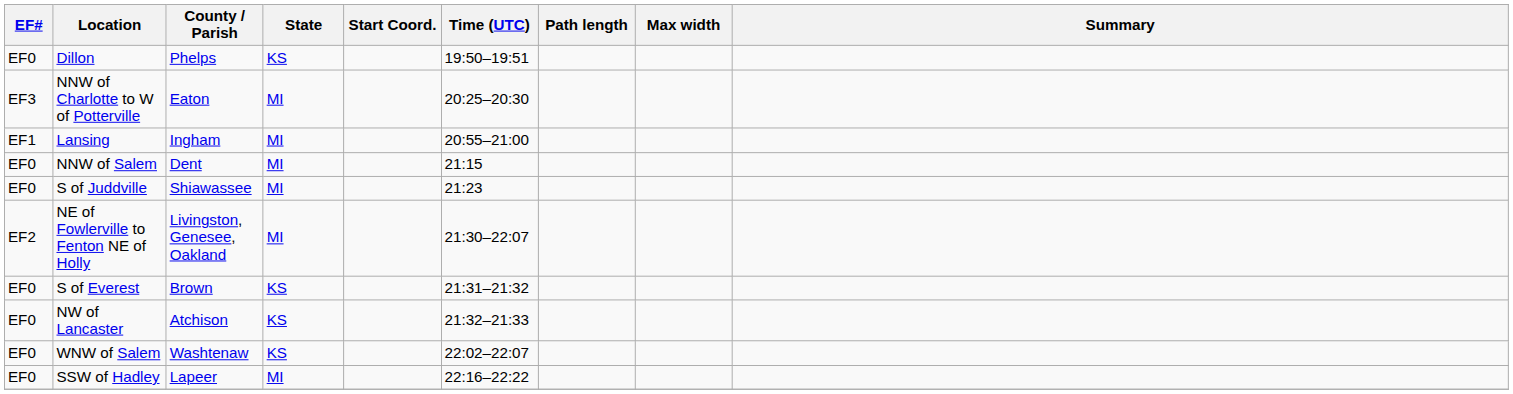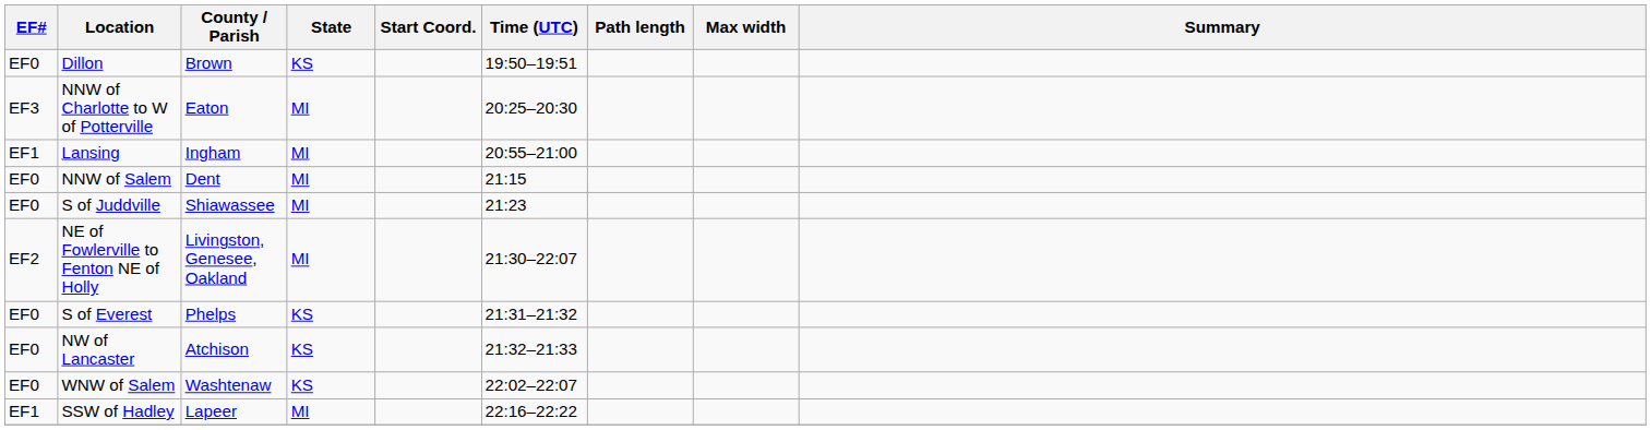 <table class="wikitable sortable" style="width:100%;">
 <tr>
 <th scope="col"  style="width:3%; text-align:center;"><a href='#'>EF#</a></th>
 <th scope="col"  style="width:7%; text-align:center;" class="unsortable">Location</th>
 <th scope="col"  style="width:6%; text-align:center;" class="unsortable">County / Parish</th>
 <th scope="col"  style="width:5%; text-align:center;">State</th>
 <th scope="col"  style="width:6%; text-align:center;">Start Coord.</th>
 <th scope="col"  style="width:6%; text-align:center;">Time (<a href='#'>UTC</a>)</th>
 <th scope="col"  style="width:6%; text-align:center;">Path length</th>
 <th scope="col"  style="width:6%; text-align:center;">Max width</th>
 <th scope="col" class="unsortable" style="width:48%; text-align:center;">Summary</th>
 </tr>
 <tr>
 <td>EF0</td>
 <td><a href='#'>Dillon</a></td>
-<td><a href='#'>Phelps</a></td>
+<td><a href='#'>Brown</a></td>
 <td><a href='#'>KS</a></td>
 <td></td>
 <td>19:50–19:51</td>
 <td></td>
 <td></td>
 <td></td>
 </tr>
 <tr>
 <td>EF3</td>
 <td>NNW of <a href='#'>Charlotte</a> to W of <a href='#'>Potterville</a></td>
 <td><a href='#'>Eaton</a></td>
 <td><a href='#'>MI</a></td>
 <td></td>
 <td>20:25–20:30</td>
 <td></td>
 <td></td>
 <td></td>
 </tr>
 <tr>
 <td>EF1</td>
 <td><a href='#'>Lansing</a></td>
 <td><a href='#'>Ingham</a></td>
 <td><a href='#'>MI</a></td>
 <td></td>
 <td>20:55–21:00</td>
 <td></td>
 <td></td>
 <td></td>
 </tr>
 <tr>
 <td>EF0</td>
 <td>NNW of <a href='#'>Salem</a></td>
 <td><a href='#'>Dent</a></td>
 <td><a href='#'>MI</a></td>
 <td></td>
 <td>21:15</td>
 <td></td>
 <td></td>
 <td></td>
 </tr>
 <tr>
 <td>EF0</td>
 <td>S of <a href='#'>Juddville</a></td>
 <td><a href='#'>Shiawassee</a></td>
 <td><a href='#'>MI</a></td>
 <td></td>
 <td>21:23</td>
 <td></td>
 <td></td>
 <td></td>
 </tr>
 <tr>
 <td>EF2</td>
 <td>NE of <a href='#'>Fowlerville</a> to <a href='#'>Fenton</a> NE of <a href='#'>Holly</a></td>
 <td><a href='#'>Livingston</a>, <a href='#'>Genesee</a>, <a href='#'>Oakland</a></td>
 <td><a href='#'>MI</a></td>
 <td></td>
 <td>21:30–22:07</td>
 <td></td>
 <td></td>
 <td></td>
 </tr>
 <tr>
 <td>EF0</td>
 <td>S of <a href='#'>Everest</a></td>
-<td><a href='#'>Brown</a></td>
+<td><a href='#'>Phelps</a></td>
 <td><a href='#'>KS</a></td>
 <td></td>
 <td>21:31–21:32</td>
 <td></td>
 <td></td>
 <td></td>
 </tr>
 <tr>
 <td>EF0</td>
 <td>NW of <a href='#'>Lancaster</a></td>
 <td><a href='#'>Atchison</a></td>
 <td><a href='#'>KS</a></td>
 <td></td>
 <td>21:32–21:33</td>
 <td></td>
 <td></td>
 <td></td>
 </tr>
 <tr>
 <td>EF0</td>
 <td>WNW of <a href='#'>Salem</a></td>
 <td><a href='#'>Washtenaw</a></td>
 <td><a href='#'>KS</a></td>
 <td></td>
 <td>22:02–22:07</td>
 <td></td>
 <td></td>
 <td></td>
 </tr>
 <tr>
-<td>EF0</td>
+<td>EF1</td>
 <td>SSW of <a href='#'>Hadley</a></td>
 <td><a href='#'>Lapeer</a></td>
 <td><a href='#'>MI</a></td>
 <td></td>
 <td>22:16–22:22</td>
 <td></td>
 <td></td>
 <td></td>
 </tr>
 <tr>
 </tr>
 </table>
